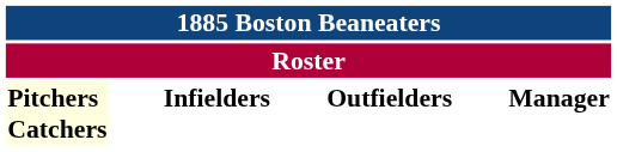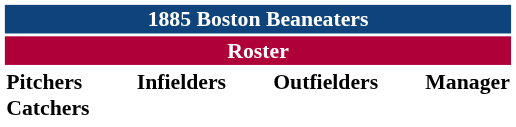 <table class="toccolours" style="font-size: 95%;">
 <tr>
 <th colspan="10" style="background-color: #0f437c; color: white; text-align: center;">1885 Boston Beaneaters</th>
 </tr>
 <tr>
 <td colspan="10" style="background-color: #af0039; color: white; text-align: center;"><strong>Roster</strong></td>
 </tr>
 <tr>
-<td valign="top" style="background: lightyellow;"><strong>Pitchers</strong><br>    <strong>Catchers</strong>    </td>
+<td valign="top"><strong>Pitchers</strong><br>    <strong>Catchers</strong>    </td>
 <td width="25px"></td>
 <td valign="top"><strong>Infielders</strong><br>     </td>
 <td width="25px"></td>
 <td valign="top"><strong>Outfielders</strong><br>        </td>
 <td width="25px"></td>
 <td valign="top"><strong>Manager</strong><br></td>
 </tr>
 </table>
